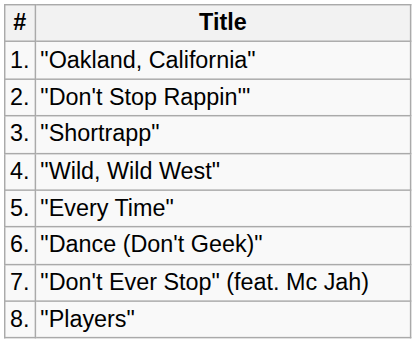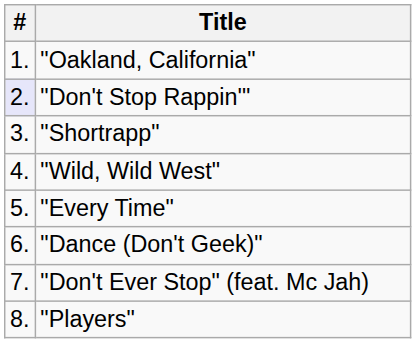 <table class="wikitable">
 <tr>
 <th>#</th>
 <th width="250">Title</th>
 </tr>
 <tr>
 <td>1.</td>
 <td>"Oakland, California"</td>
 </tr>
 <tr>
-<td>2.</td>
+<td style="background: lavender;">2.</td>
 <td>"Don't Stop Rappin'"</td>
 </tr>
 <tr>
 <td>3.</td>
 <td>"Shortrapp"</td>
 </tr>
 <tr>
 <td>4.</td>
 <td>"Wild, Wild West"</td>
 </tr>
 <tr>
 <td>5.</td>
 <td>"Every Time"</td>
 </tr>
 <tr>
 <td>6.</td>
 <td>"Dance (Don't Geek)"</td>
 </tr>
 <tr>
 <td>7.</td>
 <td>"Don't Ever Stop" (feat. Mc Jah)</td>
 </tr>
 <tr>
 <td>8.</td>
 <td>"Players"</td>
 </tr>
 </table>
